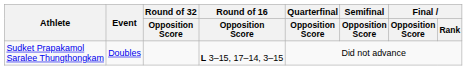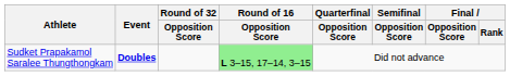 <table class=wikitable style="font-size:90%">
 <tr>
 <th rowspan="2">Athlete</th>
 <th rowspan="2">Event</th>
 <th>Round of 32</th>
 <th>Round of 16</th>
 <th>Quarterfinal</th>
 <th>Semifinal</th>
 <th colspan=2>Final / </th>
 </tr>
 <tr style="font-size:95%">
 <th>Opposition<br>Score</th>
 <th>Opposition<br>Score</th>
 <th>Opposition<br>Score</th>
 <th>Opposition<br>Score</th>
 <th>Opposition<br>Score</th>
 <th>Rank</th>
 </tr>
 <tr align=center>
 <td align=left><a href='#'>Sudket Prapakamol</a><br><a href='#'>Saralee Thungthongkam</a></td>
-<td align=left><a href='#'>Doubles</a></td>
+<td align=left><strong><a href='#'>Doubles</a></strong></td>
 <td></td>
-<td><br> <strong>L</strong> 3–15, 17–14, 3–15</td>
+<td style="background: lightgreen;"><br> <strong>L</strong> 3–15, 17–14, 3–15</td>
 <td colspan=4>Did not advance</td>
 </tr>
 </table>
